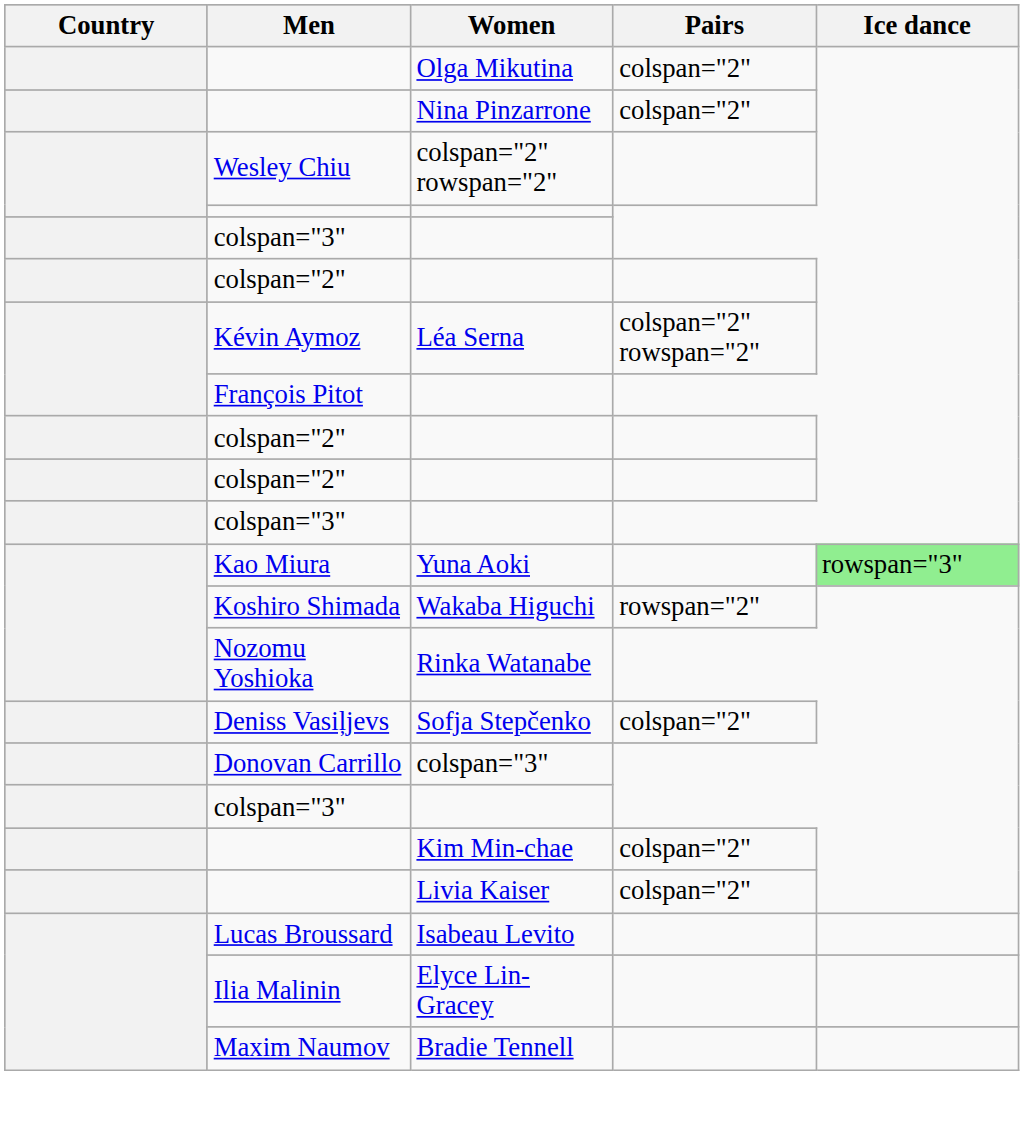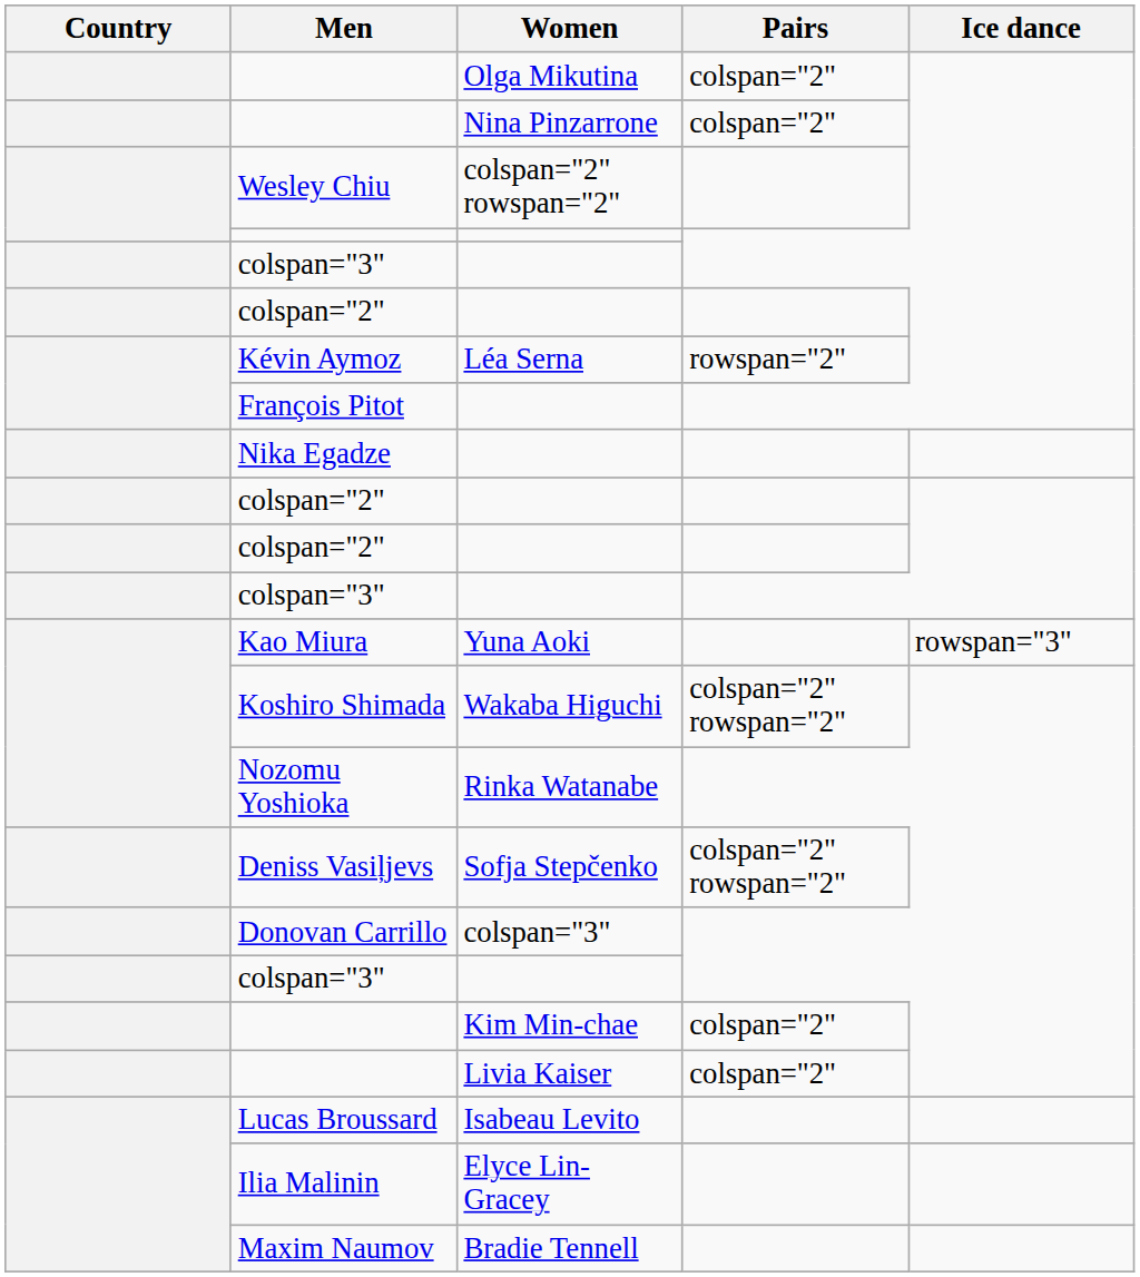 <table class="wikitable unsortable" style="text-align:left;">
 <tr>
 <th scope="col" style="text-align:center; width:20%">Country</th>
 <th scope="col" style="text-align:center; width:20%">Men</th>
 <th scope="col" style="text-align:center; width:20%">Women</th>
 <th scope="col" style="text-align:center; width:20%">Pairs</th>
 <th scope="col" style="text-align:center; width:20%">Ice dance</th>
 </tr>
 <tr>
 <th scope="row" style="text-align:left"></th>
 <td></td>
 <td><a href='#'>Olga Mikutina</a></td>
 <td>colspan="2" </td>
 </tr>
 <tr>
 <th scope="row" style="text-align:left"></th>
 <td></td>
 <td><a href='#'>Nina Pinzarrone</a></td>
 <td>colspan="2" </td>
 </tr>
 <tr>
 <th rowspan="2" scope="row" style="text-align:left"></th>
 <td><a href='#'>Wesley Chiu</a></td>
 <td>colspan="2" rowspan="2" </td>
 <td></td>
 </tr>
 <tr>
 <td></td>
 <td></td>
 </tr>
 <tr>
 <th scope="row" style="text-align:left"></th>
 <td>colspan="3" </td>
 <td></td>
 </tr>
 <tr>
 <th scope="row" style="text-align:left"></th>
 <td>colspan="2" </td>
 <td></td>
 <td></td>
 </tr>
 <tr>
 <th rowspan="2" scope="row" style="text-align:left"></th>
 <td><a href='#'>Kévin Aymoz</a></td>
 <td><a href='#'>Léa Serna</a></td>
-<td>colspan="2" rowspan="2" </td>
+<td>rowspan="2" </td>
 </tr>
 <tr>
 <td><a href='#'>François Pitot</a></td>
+<td></td>
+</tr>
+<tr>
+<th scope="row" style="text-align:left"></th>
+<td><a href='#'>Nika Egadze</a></td>
+<td></td>
+<td></td>
 <td></td>
 </tr>
 <tr>
 <th scope="row" style="text-align:left"></th>
 <td>colspan="2" </td>
 <td></td>
 <td></td>
 </tr>
 <tr>
 <th scope="row" style="text-align:left"></th>
 <td>colspan="2" </td>
 <td></td>
 <td></td>
 </tr>
 <tr>
 <th scope="row" style="text-align:left"></th>
 <td>colspan="3" </td>
 <td></td>
 </tr>
 <tr>
 <th rowspan="3" scope="row" style="text-align:left"></th>
 <td><a href='#'>Kao Miura</a></td>
 <td><a href='#'>Yuna Aoki</a></td>
 <td></td>
-<td style="background: lightgreen;">rowspan="3" </td>
+<td>rowspan="3" </td>
 </tr>
 <tr>
 <td><a href='#'>Koshiro Shimada</a></td>
 <td><a href='#'>Wakaba Higuchi</a></td>
-<td>rowspan="2" </td>
+<td>colspan="2" rowspan="2" </td>
 </tr>
 <tr>
 <td><a href='#'>Nozomu Yoshioka</a></td>
 <td><a href='#'>Rinka Watanabe</a></td>
 </tr>
 <tr>
 <th scope="row" style="text-align:left"></th>
 <td><a href='#'>Deniss Vasiļjevs</a></td>
 <td><a href='#'>Sofja Stepčenko</a></td>
-<td>colspan="2" </td>
+<td>colspan="2" rowspan="2" </td>
 </tr>
 <tr>
 <th scope="row" style="text-align:left"></th>
 <td><a href='#'>Donovan Carrillo</a></td>
 <td>colspan="3" </td>
 </tr>
 <tr>
 <th scope="row" style="text-align:left"></th>
 <td>colspan="3" </td>
 <td></td>
 </tr>
 <tr>
 <th scope="row" style="text-align:left"></th>
 <td></td>
 <td><a href='#'>Kim Min-chae</a></td>
 <td>colspan="2" </td>
 </tr>
 <tr>
 <th scope="row" style="text-align:left"></th>
 <td></td>
 <td><a href='#'>Livia Kaiser</a></td>
 <td>colspan="2" </td>
 </tr>
 <tr>
 <th rowspan="3" scope="row" style="text-align:left"></th>
 <td><a href='#'>Lucas Broussard</a></td>
 <td><a href='#'>Isabeau Levito</a></td>
 <td></td>
 <td></td>
 </tr>
 <tr>
 <td><a href='#'>Ilia Malinin</a></td>
 <td><a href='#'>Elyce Lin-Gracey</a></td>
 <td></td>
 <td></td>
 </tr>
 <tr>
 <td><a href='#'>Maxim Naumov</a></td>
 <td><a href='#'>Bradie Tennell</a></td>
 <td></td>
 <td></td>
 </tr>
 </table>
